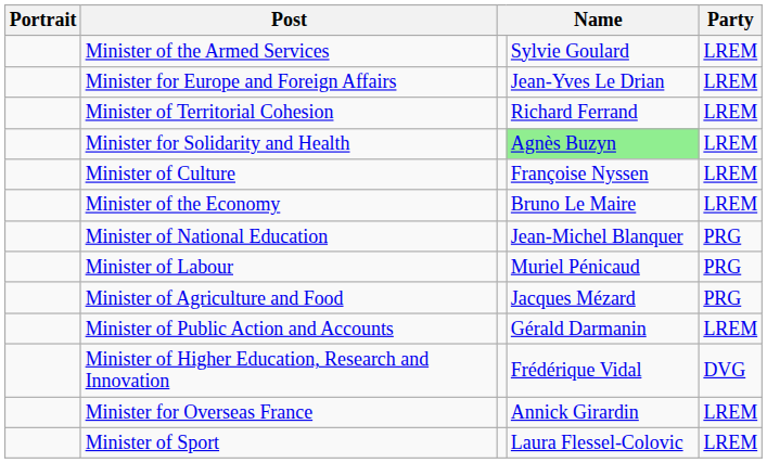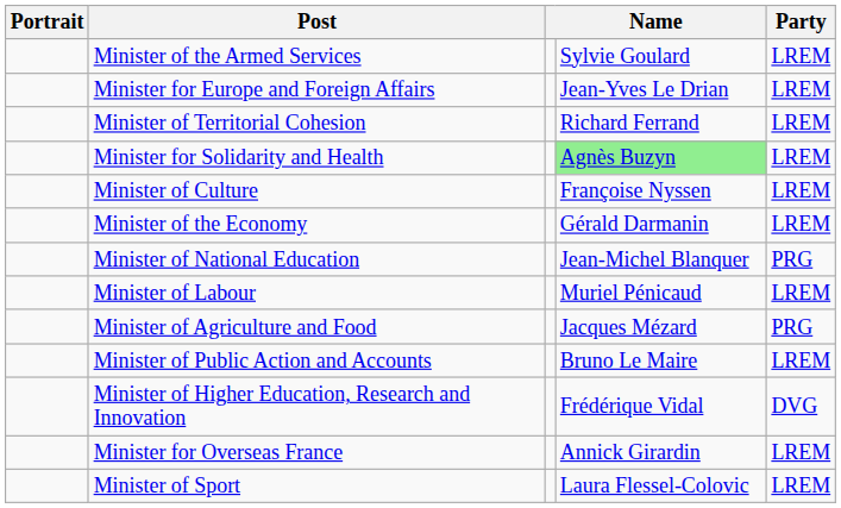 <table class="wikitable sortable" style="width:100%;">
 <tr>
 <th scope="col" class="unsortable">Portrait</th>
 <th scope="col">Post</th>
 <th colspan="2" scope="col" class="unsortable">Name</th>
 <th scope="col">Party</th>
 </tr>
 <tr>
 <td width="80px"></td>
 <td width=60%><a href='#'>Minister of the Armed Services</a></td>
 <td style="background:"></td>
 <td width=27%><a href='#'>Sylvie Goulard</a></td>
 <td width=7%><a href='#'>LREM</a></td>
 </tr>
 <tr>
 <td width="80px"></td>
 <td width=60%><a href='#'>Minister for Europe and Foreign Affairs</a></td>
 <td style="background:"></td>
 <td width=27%><a href='#'>Jean-Yves Le Drian</a></td>
 <td width=7%><a href='#'>LREM</a></td>
 </tr>
 <tr>
 <td width="80px"></td>
 <td width=60%><a href='#'>Minister of Territorial Cohesion</a></td>
 <td style="background:"></td>
 <td width=27%><a href='#'>Richard Ferrand</a></td>
 <td width=7%><a href='#'>LREM</a></td>
 </tr>
 <tr>
 <td width="80px"></td>
 <td width=60%><a href='#'>Minister for Solidarity and Health</a></td>
 <td style="background:"></td>
 <td width=27% style="background: lightgreen;"><a href='#'>Agnès Buzyn</a></td>
 <td width=7%><a href='#'>LREM</a></td>
 </tr>
 <tr>
 <td width="80px"></td>
 <td width=60%><a href='#'>Minister of Culture</a></td>
 <td style="background:"></td>
 <td width=27%><a href='#'>Françoise Nyssen</a></td>
 <td width=7%><a href='#'>LREM</a></td>
 </tr>
 <tr>
 <td width="80px"></td>
 <td width=60%><a href='#'>Minister of the Economy</a></td>
 <td style="background:"></td>
-<td width=27%><a href='#'>Bruno Le Maire</a></td>
+<td width=27%><a href='#'>Gérald Darmanin</a></td>
 <td width=7%><a href='#'>LREM</a></td>
 </tr>
 <tr>
 <td width="80px"></td>
 <td width=60%><a href='#'>Minister of National Education</a></td>
 <td style="background:"></td>
 <td width=27%><a href='#'>Jean-Michel Blanquer</a></td>
 <td width=7%><a href='#'>PRG</a></td>
 </tr>
 <tr>
 <td width="80px"></td>
 <td width=60%><a href='#'>Minister of Labour</a></td>
 <td style="background:"></td>
 <td width=27%><a href='#'>Muriel Pénicaud</a></td>
-<td width=7%><a href='#'>PRG</a></td>
+<td width=7%><a href='#'>LREM</a></td>
 </tr>
 <tr>
 <td width="80px"></td>
 <td width=60%><a href='#'>Minister of Agriculture and Food</a></td>
 <td style="background:"></td>
 <td width=27%><a href='#'>Jacques Mézard</a></td>
 <td width=7%><a href='#'>PRG</a></td>
 </tr>
 <tr>
 <td width="80px"></td>
 <td width=60%><a href='#'>Minister of Public Action and Accounts</a></td>
 <td style="background:"></td>
-<td width=27%><a href='#'>Gérald Darmanin</a></td>
+<td width=27%><a href='#'>Bruno Le Maire</a></td>
 <td width=7%><a href='#'>LREM</a></td>
 </tr>
 <tr>
 <td width="80px"></td>
 <td width=60%><a href='#'>Minister of Higher Education, Research and Innovation</a></td>
 <td style="background:"></td>
 <td width=27%><a href='#'>Frédérique Vidal</a></td>
 <td width=7%><a href='#'>DVG</a></td>
 </tr>
 <tr>
 <td width="80px"></td>
 <td width=60%><a href='#'>Minister for Overseas France</a></td>
 <td style="background:"></td>
 <td width=27%><a href='#'>Annick Girardin</a></td>
 <td width=7%><a href='#'>LREM</a></td>
 </tr>
 <tr>
 <td width="80px"></td>
 <td width=60%><a href='#'>Minister of Sport</a></td>
 <td style="background:"></td>
 <td width=27%><a href='#'>Laura Flessel-Colovic</a></td>
 <td width=7%><a href='#'>LREM</a></td>
 </tr>
 </table>
